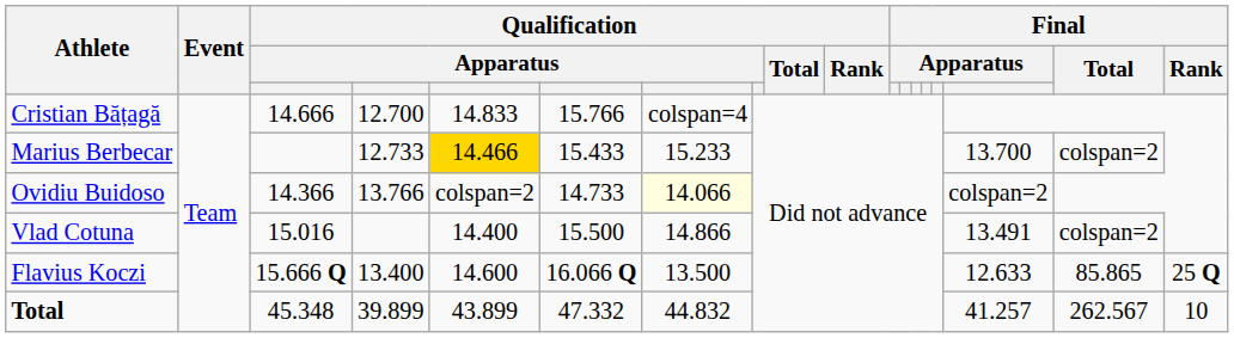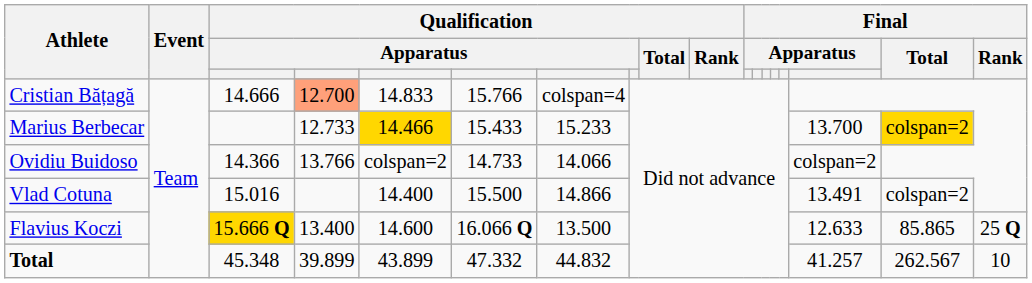 <table class="wikitable" style="font-size:90%">
 <tr>
 <th rowspan=3>Athlete</th>
 <th rowspan=3>Event</th>
 <th colspan =8>Qualification</th>
 <th colspan =8>Final</th>
 </tr>
 <tr style="font-size:95%">
 <th colspan=6>Apparatus</th>
 <th rowspan=2>Total</th>
 <th rowspan=2>Rank</th>
 <th colspan=6>Apparatus</th>
 <th rowspan=2>Total</th>
 <th rowspan=2>Rank</th>
 </tr>
 <tr style="font-size:95%">
 <th></th>
 <th></th>
 <th></th>
 <th></th>
 <th></th>
 <th></th>
 <th></th>
 <th></th>
 <th></th>
 <th></th>
 <th></th>
 <th></th>
 </tr>
 <tr align=center>
 <td align=left><a href='#'>Cristian Bățagă</a></td>
 <td align=left rowspan=6><a href='#'>Team</a></td>
 <td>14.666</td>
-<td>12.700</td>
+<td style="background: lightsalmon;">12.700</td>
 <td>14.833</td>
 <td>15.766</td>
 <td>colspan=4 </td>
 <td rowspan=6 colspan=8>Did not advance</td>
 </tr>
 <tr align=center>
 <td align=left><a href='#'>Marius Berbecar</a></td>
 <td></td>
 <td>12.733</td>
 <td style="background: gold;">14.466</td>
 <td>15.433</td>
 <td>15.233</td>
 <td>13.700</td>
-<td>colspan=2 </td>
+<td style="background: gold;">colspan=2 </td>
 </tr>
 <tr align=center>
 <td align=left><a href='#'>Ovidiu Buidoso</a></td>
 <td>14.366</td>
 <td>13.766</td>
 <td>colspan=2 </td>
 <td>14.733</td>
-<td style="background: lightyellow;">14.066</td>
+<td>14.066</td>
 <td>colspan=2 </td>
 </tr>
 <tr align=center>
 <td align=left><a href='#'>Vlad Cotuna</a></td>
 <td>15.016</td>
 <td></td>
 <td>14.400</td>
 <td>15.500</td>
 <td>14.866</td>
 <td>13.491</td>
 <td>colspan=2 </td>
 </tr>
 <tr align=center>
 <td align=left><a href='#'>Flavius Koczi</a></td>
-<td>15.666 <strong>Q</strong></td>
+<td style="background: gold;">15.666 <strong>Q</strong></td>
 <td>13.400</td>
 <td>14.600</td>
 <td>16.066 <strong>Q</strong></td>
 <td>13.500</td>
 <td>12.633</td>
 <td>85.865</td>
 <td>25 <strong>Q</strong></td>
 </tr>
 <tr align=center>
 <td align=left><strong>Total</strong></td>
 <td>45.348</td>
 <td>39.899</td>
 <td>43.899</td>
 <td>47.332</td>
 <td>44.832</td>
 <td>41.257</td>
 <td>262.567</td>
 <td>10</td>
 </tr>
 </table>
